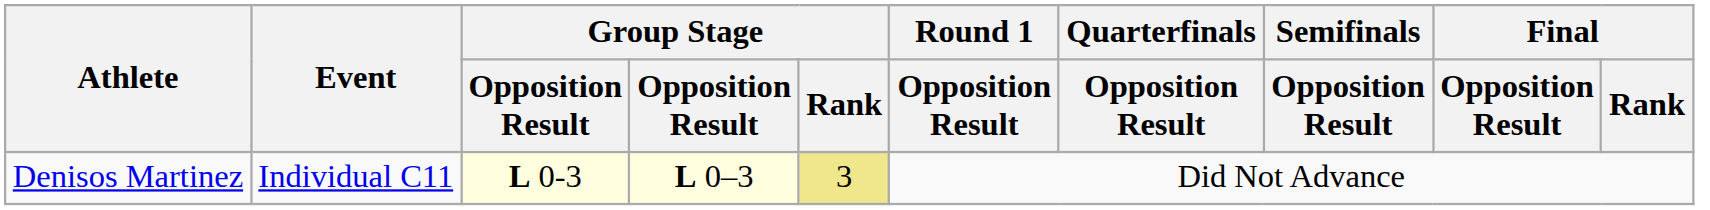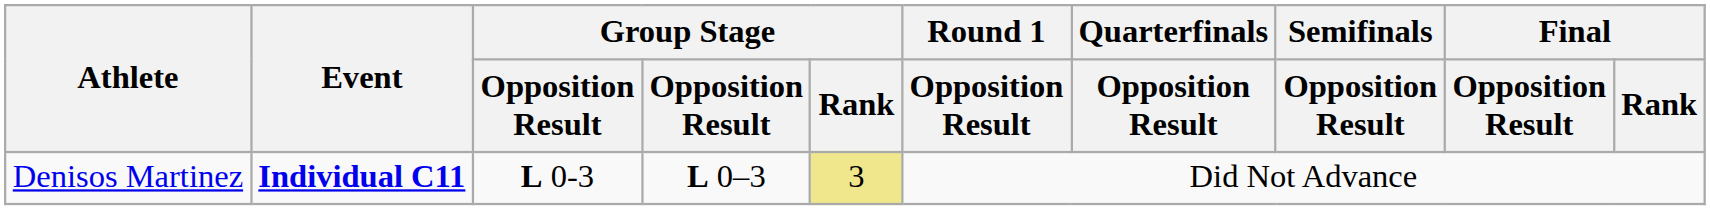 <table class=wikitable style="font-size:90%">
 <tr>
 <th rowspan="2">Athlete</th>
 <th rowspan="2">Event</th>
 <th colspan="3">Group Stage</th>
 <th>Round 1</th>
 <th>Quarterfinals</th>
 <th>Semifinals</th>
 <th colspan="2">Final</th>
 </tr>
 <tr>
 <th>Opposition<br>Result</th>
 <th>Opposition<br>Result</th>
 <th>Rank</th>
 <th>Opposition<br>Result</th>
 <th>Opposition<br>Result</th>
 <th>Opposition<br>Result</th>
 <th>Opposition<br>Result</th>
 <th>Rank</th>
 </tr>
 <tr align=center>
 <td align=left><a href='#'>Denisos Martinez</a></td>
-<td align=left><a href='#'>Individual C11</a></td>
-<td style="background: lightyellow;"><strong>L</strong> 0-3</td>
-<td style="background: lightyellow;"><strong>L</strong> 0–3</td>
+<td align=left><strong><a href='#'>Individual C11</a></strong></td>
+<td><strong>L</strong> 0-3</td>
+<td><strong>L</strong> 0–3</td>
 <td style="background: khaki;">3</td>
 <td colspan="5">Did Not Advance</td>
 </tr>
 </table>
